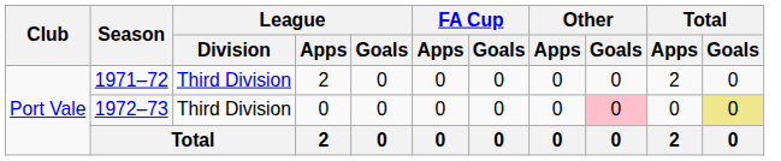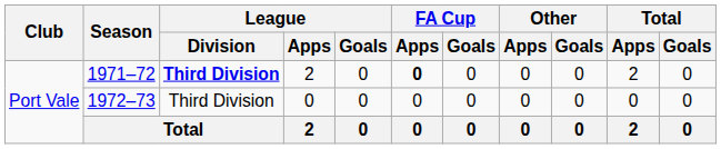 <table class="wikitable" style="text-align:center">
 <tr>
 <th rowspan="2">Club</th>
 <th rowspan="2">Season</th>
 <th colspan="3">League</th>
 <th colspan="2"><a href='#'>FA Cup</a></th>
 <th colspan="2">Other</th>
 <th colspan="2">Total</th>
 </tr>
 <tr>
 <th>Division</th>
 <th>Apps</th>
 <th>Goals</th>
 <th>Apps</th>
 <th>Goals</th>
 <th>Apps</th>
 <th>Goals</th>
 <th>Apps</th>
 <th>Goals</th>
 </tr>
 <tr>
 <td rowspan="3"><a href='#'>Port Vale</a></td>
 <td><a href='#'>1971–72</a></td>
-<td><a href='#'>Third Division</a></td>
+<td><strong><a href='#'>Third Division</a></strong></td>
 <td>2</td>
 <td>0</td>
-<td>0</td>
+<td><strong>0</strong></td>
 <td>0</td>
 <td>0</td>
 <td>0</td>
 <td>2</td>
 <td>0</td>
 </tr>
 <tr>
 <td><a href='#'>1972–73</a></td>
 <td>Third Division</td>
 <td>0</td>
 <td>0</td>
 <td>0</td>
 <td>0</td>
 <td>0</td>
-<td style="background: pink;">0</td>
 <td>0</td>
-<td style="background: khaki;">0</td>
+<td>0</td>
+<td>0</td>
 </tr>
 <tr>
 <th colspan="2">Total</th>
 <th>2</th>
 <th>0</th>
 <th>0</th>
 <th>0</th>
 <th>0</th>
 <th>0</th>
 <th>2</th>
 <th>0</th>
 </tr>
 </table>
